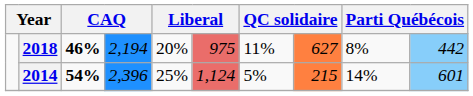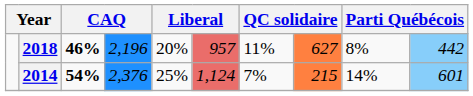 <table class="wikitable" style="width:400; font-size:90%; margin-left:1em;">
 <tr>
 <th colspan="2" scope="col">Year</th>
 <th colspan="2" scope="col"><a href='#'>CAQ</a></th>
 <th colspan="2" scope="col"><a href='#'>Liberal</a></th>
 <th colspan="2" scope="col"><a href='#'>QC solidaire</a></th>
 <th colspan="2" scope="col"><a href='#'>Parti Québécois</a></th>
 </tr>
 <tr>
 <td rowspan="2" style="width: 0.25em; background-color: "></td>
 <th><a href='#'>2018</a></th>
 <td><strong>46%</strong></td>
-<td style="text-align:right; background:#1E90FF;"><em>2,194</em></td>
+<td style="text-align:right; background:#1E90FF;"><em>2,196</em></td>
 <td>20%</td>
-<td style="text-align:right; background:#EA6D6A;"><em>975</em></td>
+<td style="text-align:right; background:#EA6D6A;"><em>957</em></td>
 <td>11%</td>
 <td style="text-align:right; background:#FF8040;"><em>627</em></td>
 <td>8%</td>
 <td style="text-align:right; background:#87CEFA;"><em>442</em></td>
 </tr>
 <tr>
 <th><a href='#'>2014</a></th>
 <td><strong>54%</strong></td>
-<td style="text-align:right; background:#1E90FF;"><em>2,396</em></td>
+<td style="text-align:right; background:#1E90FF;"><em>2,376</em></td>
 <td>25%</td>
 <td style="text-align:right; background:#EA6D6A;"><em>1,124</em></td>
-<td>5%</td>
+<td>7%</td>
 <td style="text-align:right; background:#FF8040;"><em>215</em></td>
 <td>14%</td>
 <td style="text-align:right; background:#87CEFA;"><em>601</em></td>
 </tr>
 <tr>
 </tr>
 </table>
